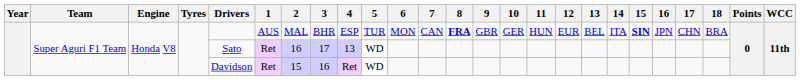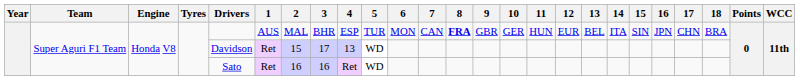 <table class="wikitable" style="text-align:center; font-size:95%">
 <tr>
 <th>Year</th>
 <th>Team</th>
 <th>Engine</th>
 <th>Tyres</th>
 <th>Drivers</th>
 <th>1</th>
 <th>2</th>
 <th>3</th>
 <th>4</th>
 <th>5</th>
 <th>6</th>
 <th>7</th>
 <th>8</th>
 <th>9</th>
 <th>10</th>
 <th>11</th>
 <th>12</th>
 <th>13</th>
 <th>14</th>
 <th>15</th>
 <th>16</th>
 <th>17</th>
 <th>18</th>
 <th>Points</th>
 <th>WCC</th>
 </tr>
 <tr>
 <th rowspan="3"></th>
 <td rowspan="3"><a href='#'>Super Aguri F1 Team</a></td>
 <td rowspan="3"><a href='#'>Honda</a> <a href='#'>V8</a></td>
 <td rowspan="3"></td>
 <td></td>
 <td><a href='#'>AUS</a></td>
 <td><a href='#'>MAL</a></td>
 <td><a href='#'>BHR</a></td>
 <td><a href='#'>ESP</a></td>
 <td><a href='#'>TUR</a></td>
 <td><a href='#'>MON</a></td>
 <td><a href='#'>CAN</a></td>
 <td><strong><a href='#'>FRA</a></strong></td>
 <td><a href='#'>GBR</a></td>
 <td><a href='#'>GER</a></td>
 <td><a href='#'>HUN</a></td>
 <td><a href='#'>EUR</a></td>
 <td><a href='#'>BEL</a></td>
 <td><a href='#'>ITA</a></td>
-<td><strong><a href='#'>SIN</a></strong></td>
+<td><a href='#'>SIN</a></td>
 <td><a href='#'>JPN</a></td>
 <td><a href='#'>CHN</a></td>
 <td><a href='#'>BRA</a></td>
 <th rowspan="3">0</th>
 <th rowspan="3">11th</th>
 </tr>
 <tr>
-<td><a href='#'>Sato</a></td>
+<td><a href='#'>Davidson</a></td>
 <td style="background:#EFCFFF;">Ret</td>
-<td style="background:#CFCFFF;">16</td>
+<td style="background:#CFCFFF;">15</td>
 <td style="background:#CFCFFF;">17</td>
 <td style="background:#CFCFFF;">13</td>
 <td style="background:#FFFFFF;">WD</td>
 <td></td>
 <td></td>
 <td></td>
 <td></td>
 <td></td>
 <td></td>
 <td></td>
 <td></td>
 <td></td>
 <td></td>
 <td></td>
 <td></td>
 <td></td>
 </tr>
 <tr>
-<td><a href='#'>Davidson</a></td>
+<td><a href='#'>Sato</a></td>
 <td style="background:#EFCFFF;">Ret</td>
-<td style="background:#CFCFFF;">15</td>
+<td style="background:#CFCFFF;">16</td>
 <td style="background:#CFCFFF;">16</td>
 <td style="background:#EFCFFF;">Ret</td>
 <td style="background:#FFFFFF;">WD</td>
 <td></td>
 <td></td>
 <td></td>
 <td></td>
 <td></td>
 <td></td>
 <td></td>
 <td></td>
 <td></td>
 <td></td>
 <td></td>
 <td></td>
 <td></td>
 </tr>
 </table>
